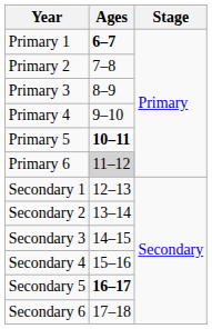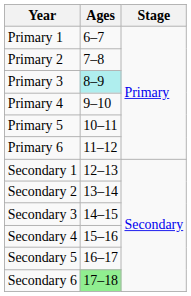 <table class="wikitable">
 <tr>
 <th>Year</th>
 <th>Ages</th>
 <th>Stage</th>
 </tr>
 <tr>
 <td>Primary 1</td>
-<td><strong>6–7</strong></td>
+<td>6–7</td>
 <td rowspan="6"><a href='#'>Primary</a></td>
 </tr>
 <tr>
 <td>Primary 2</td>
 <td>7–8</td>
 </tr>
 <tr>
 <td>Primary 3</td>
-<td>8–9</td>
+<td style="background: paleturquoise;">8–9</td>
 </tr>
 <tr>
 <td>Primary 4</td>
 <td>9–10</td>
 </tr>
 <tr>
 <td>Primary 5</td>
-<td><strong>10–11</strong></td>
+<td>10–11</td>
 </tr>
 <tr>
 <td>Primary 6</td>
-<td style="background: lightgrey;">11–12</td>
+<td>11–12</td>
 </tr>
 <tr>
 <td>Secondary 1</td>
 <td>12–13</td>
 <td rowspan="6"><a href='#'>Secondary</a></td>
 </tr>
 <tr>
 <td>Secondary 2</td>
 <td>13–14</td>
 </tr>
 <tr>
 <td>Secondary 3</td>
 <td>14–15</td>
 </tr>
 <tr>
 <td>Secondary 4</td>
 <td>15–16</td>
 </tr>
 <tr>
 <td>Secondary 5</td>
-<td><strong>16–17</strong></td>
+<td>16–17</td>
 </tr>
 <tr>
 <td>Secondary 6</td>
-<td>17–18</td>
+<td style="background: lightgreen;">17–18</td>
 </tr>
 </table>
